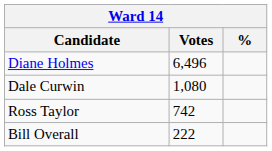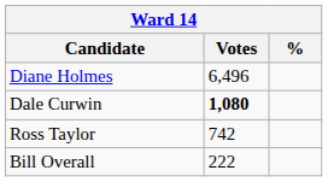 <table class="wikitable">
 <tr>
 <th colspan="3"><a href='#'>Ward 14</a></th>
 </tr>
 <tr>
 <th style="width: 170px">Candidate</th>
 <th style="width: 50px">Votes</th>
 <th style="width: 40px">%</th>
 </tr>
 <tr>
 <td><a href='#'>Diane Holmes</a></td>
 <td>6,496</td>
 <td></td>
 </tr>
 <tr>
 <td>Dale Curwin</td>
-<td>1,080</td>
+<td><strong>1,080</strong></td>
 <td></td>
 </tr>
 <tr>
 <td>Ross Taylor</td>
 <td>742</td>
 <td></td>
 </tr>
 <tr>
 <td>Bill Overall</td>
 <td>222</td>
 <td></td>
 </tr>
 </table>
